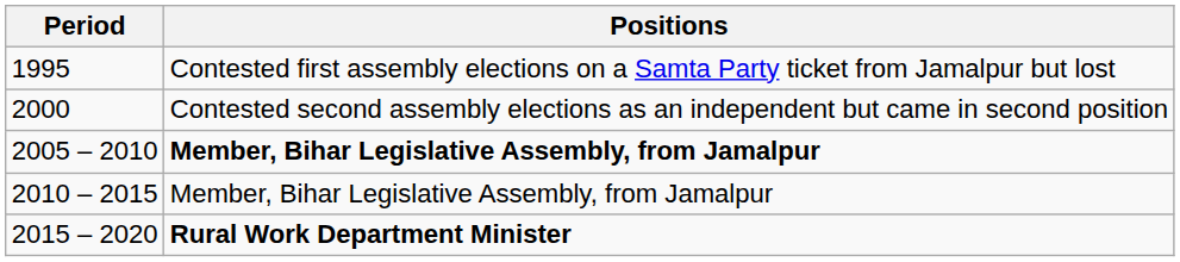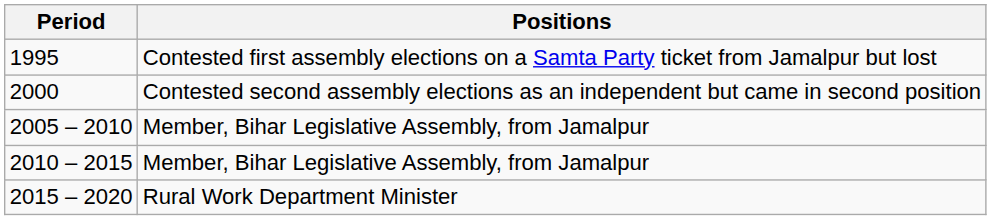 <table class="wikitable">
 <tr>
 <th>Period</th>
 <th>Positions</th>
 </tr>
 <tr>
 <td>1995</td>
 <td>Contested first assembly elections on a <a href='#'>Samta Party</a> ticket from Jamalpur but lost</td>
 </tr>
 <tr>
 <td>2000</td>
 <td>Contested second assembly elections as an independent but came in second position</td>
 </tr>
 <tr>
 <td>2005 – 2010</td>
-<td><strong>Member, Bihar Legislative Assembly, from Jamalpur</strong></td>
+<td>Member, Bihar Legislative Assembly, from Jamalpur</td>
 </tr>
 <tr>
 <td>2010 –  2015</td>
 <td>Member, Bihar Legislative Assembly, from Jamalpur</td>
 </tr>
 <tr>
 <td>2015 –  2020</td>
-<td><strong>Rural Work Department Minister</strong></td>
+<td>Rural Work Department Minister</td>
 </tr>
 </table>
